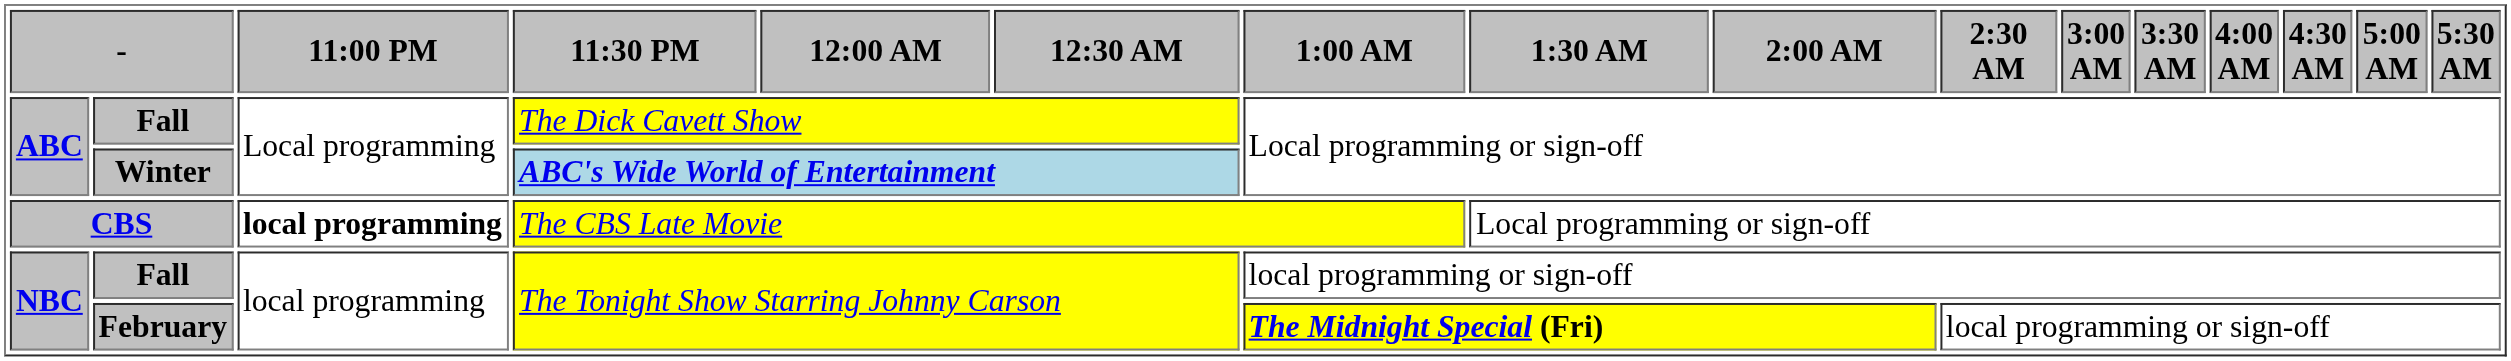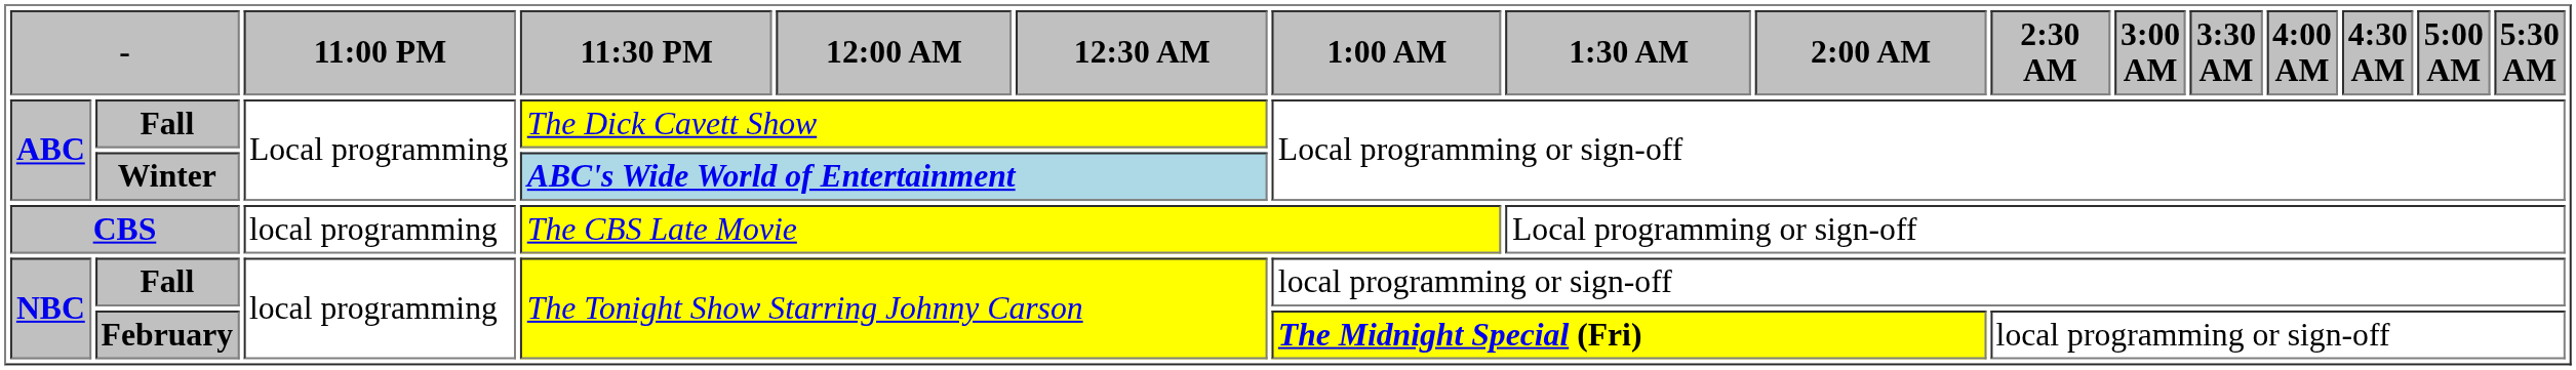 <table border="1" cellpadding="2">
 <tr>
 <th bgcolor="#C0C0C0" colspan=2>-</th>
 <th width="13%" bgcolor="#C0C0C0">11:00 PM</th>
 <th width="14%" bgcolor="#C0C0C0">11:30 PM</th>
 <th width="13%" bgcolor="#C0C0C0">12:00 AM</th>
 <th width="14%" bgcolor="#C0C0C0">12:30 AM</th>
 <th width="13%" bgcolor="#C0C0C0">1:00 AM</th>
 <th width="14%" bgcolor="#C0C0C0">1:30 AM</th>
 <th width="13%" bgcolor="#C0C0C0">2:00 AM</th>
 <th width="14%" bgcolor="#C0C0C0">2:30 AM</th>
 <th width="13%" bgcolor="#C0C0C0">3:00 AM</th>
 <th width="14%" bgcolor="#C0C0C0">3:30 AM</th>
 <th width="13%" bgcolor="#C0C0C0">4:00 AM</th>
 <th width="14%" bgcolor="#C0C0C0">4:30 AM</th>
 <th width="13%" bgcolor="#C0C0C0">5:00 AM</th>
 <th width="14%" bgcolor="#C0C0C0">5:30 AM</th>
 </tr>
 <tr>
 <th bgcolor="#C0C0C0" rowspan=2><a href='#'>ABC</a></th>
 <th bgcolor=#C0C0C0>Fall</th>
 <td bgcolor="white" rowspan=2>Local programming</td>
 <td bgcolor="yellow" colspan="3"><em><a href='#'>The Dick Cavett Show</a></em></td>
 <td bgcolor="white" colspan="10" rowspan=2>Local programming or sign-off</td>
 </tr>
 <tr>
 <th bgcolor=#C0C0C0>Winter</th>
 <td bgcolor="lightblue" colspan="3"><strong><em><a href='#'>ABC's Wide World of Entertainment</a></em></strong></td>
 </tr>
 <tr>
 <th bgcolor="#C0C0C0" colspan=2><a href='#'>CBS</a></th>
-<td bgcolor="white"><strong>local programming</strong></td>
+<td bgcolor="white">local programming</td>
 <td bgcolor="yellow" colspan="4"><em><a href='#'>The CBS Late Movie</a></em></td>
 <td bgcolor="white" colspan="9">Local programming or sign-off</td>
 </tr>
 <tr>
 <th bgcolor="#C0C0C0" rowspan=2><a href='#'>NBC</a></th>
 <th bgcolor=#C0C0C0>Fall</th>
 <td bgcolor="white" rowspan=2>local programming</td>
 <td bgcolor="yellow" colspan="3" rowspan=2><em><a href='#'>The Tonight Show Starring Johnny Carson</a></em></td>
 <td bgcolor="white" colspan="10">local programming or sign-off</td>
 </tr>
 <tr>
 <th bgcolor=#C0C0C0>February</th>
 <td bgcolor="yellow" colspan="3"><strong><a href='#'><em>The Midnight Special</em></a> (Fri)</strong></td>
 <td bgcolor="white" colspan="7">local programming or sign-off</td>
 </tr>
 </table>
